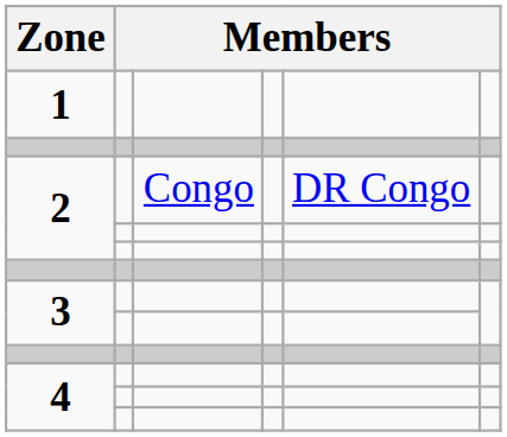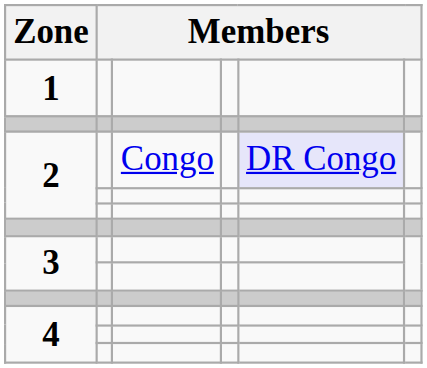 <table class="wikitable" border="1">
 <tr>
 <th>Zone</th>
 <th colspan="5">Members</th>
 </tr>
 <tr>
 <td align="center"><strong>1</strong></td>
 <td></td>
 <td></td>
 <td></td>
 <td></td>
 <td></td>
 </tr>
 <tr bgcolor="#cccccc">
 <td></td>
 <td></td>
 <td></td>
 <td></td>
 <td></td>
 <td></td>
 </tr>
 <tr>
 <td align="center" rowspan="3"><strong>2</strong></td>
 <td></td>
 <td> <a href='#'>Congo</a></td>
 <td></td>
-<td> <a href='#'>DR Congo</a></td>
+<td style="background: lavender;"> <a href='#'>DR Congo</a></td>
 <td></td>
 </tr>
 <tr>
 <td></td>
 <td></td>
 <td></td>
 <td></td>
 <td></td>
 </tr>
 <tr>
 <td></td>
 <td></td>
 <td></td>
 <td></td>
 <td></td>
 </tr>
 <tr bgcolor="#cccccc">
 <td></td>
 <td></td>
 <td></td>
 <td></td>
 <td></td>
 <td></td>
 </tr>
 <tr>
 <td align="center" rowspan="2"><strong>3</strong></td>
 <td></td>
 <td></td>
 <td></td>
 <td></td>
 </tr>
 <tr>
 <td></td>
 <td></td>
 <td></td>
 <td></td>
 </tr>
 <tr bgcolor="#cccccc">
 <td></td>
 <td></td>
 <td></td>
 <td></td>
 <td></td>
 <td></td>
 </tr>
 <tr>
 <td align="center" rowspan="3"><strong>4</strong></td>
 <td></td>
 <td></td>
 <td></td>
 <td></td>
 <td></td>
 </tr>
 <tr>
 <td></td>
 <td></td>
 <td></td>
 <td></td>
 <td></td>
 </tr>
 <tr>
 <td></td>
 <td></td>
 <td></td>
 <td></td>
 </tr>
 </table>
